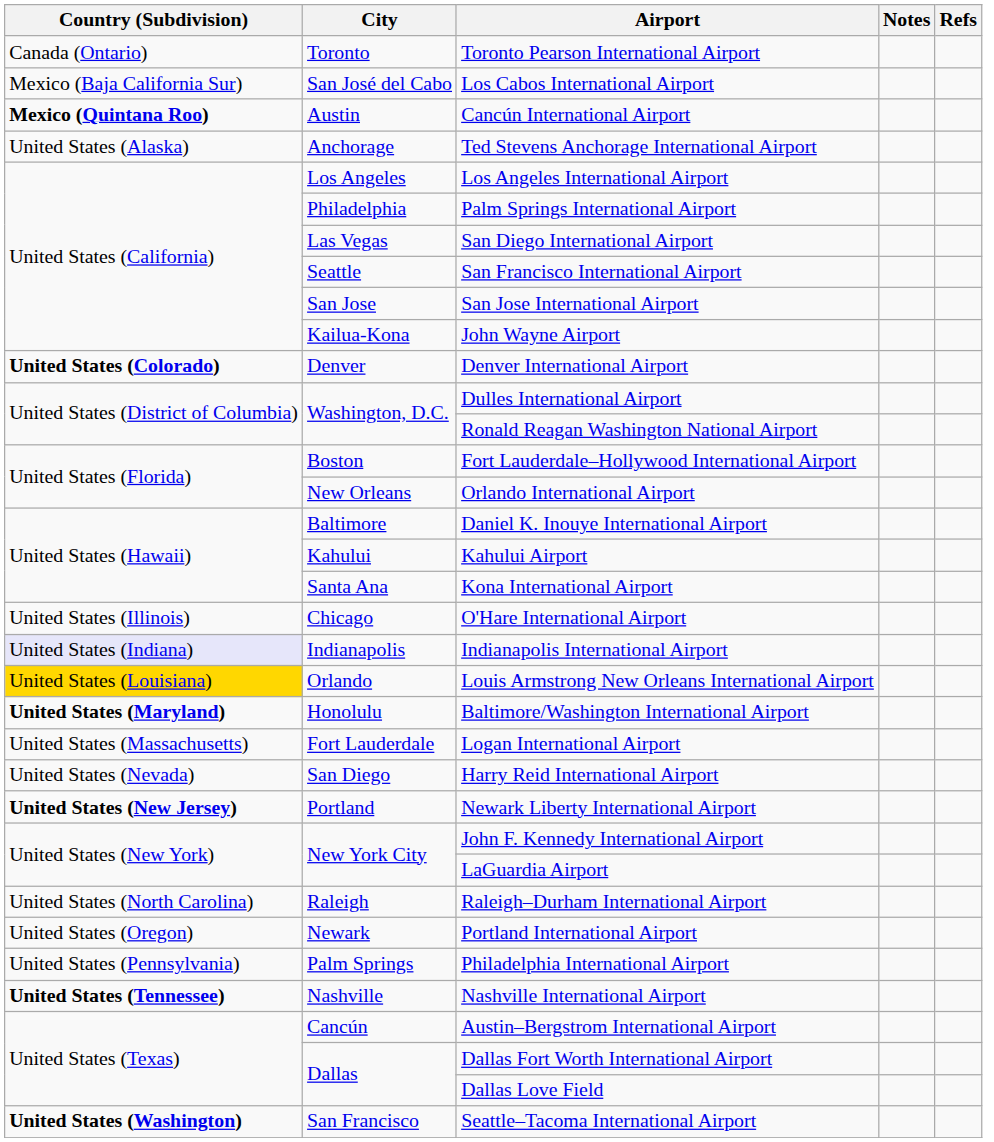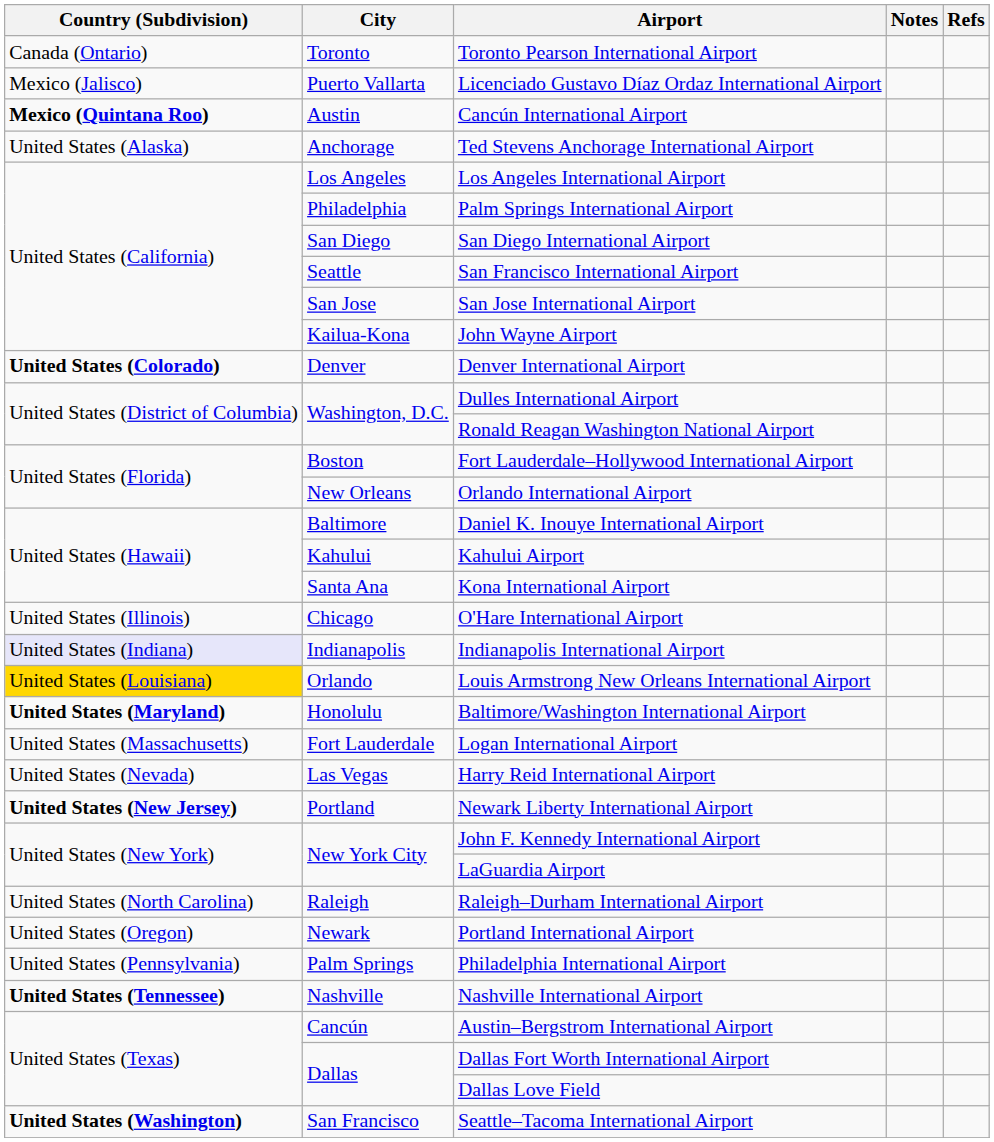 <table class="sortable wikitable">
 <tr>
 <th>Country (Subdivision)</th>
 <th>City</th>
 <th>Airport</th>
 <th class="sortable">Notes</th>
 <th class="unsortable">Refs</th>
 </tr>
 <tr>
 <td>Canada (<a href='#'>Ontario</a>)</td>
 <td><a href='#'>Toronto</a></td>
 <td><a href='#'>Toronto Pearson International Airport</a></td>
 <td></td>
 <td align=center></td>
 </tr>
 <tr>
-<td>Mexico (<a href='#'>Baja California Sur</a>)</td>
-<td><a href='#'>San José del Cabo</a></td>
-<td><a href='#'>Los Cabos International Airport</a></td>
+<td>Mexico (<a href='#'>Jalisco</a>)</td>
+<td><a href='#'>Puerto Vallarta</a></td>
+<td><a href='#'>Licenciado Gustavo Díaz Ordaz International Airport</a></td>
 <td align=center></td>
 <td align=center></td>
 </tr>
 <tr>
 <td><strong>Mexico (<a href='#'>Quintana Roo</a>)</strong></td>
 <td><a href='#'>Austin</a></td>
 <td><a href='#'>Cancún International Airport</a></td>
 <td align=center></td>
 <td align=center></td>
 </tr>
 <tr>
 <td>United States (<a href='#'>Alaska</a>)</td>
 <td><a href='#'>Anchorage</a></td>
 <td><a href='#'>Ted Stevens Anchorage International Airport</a></td>
 <td></td>
 <td align=center></td>
 </tr>
 <tr>
 <td rowspan="6">United States (<a href='#'>California</a>)</td>
 <td><a href='#'>Los Angeles</a></td>
 <td><a href='#'>Los Angeles International Airport</a></td>
 <td></td>
 <td align=center></td>
 </tr>
 <tr>
 <td><a href='#'>Philadelphia</a></td>
 <td><a href='#'>Palm Springs International Airport</a></td>
 <td align=center></td>
 <td align=center></td>
 </tr>
 <tr>
-<td><a href='#'>Las Vegas</a></td>
+<td><a href='#'>San Diego</a></td>
 <td><a href='#'>San Diego International Airport</a></td>
 <td align=center></td>
 <td align=center></td>
 </tr>
 <tr>
 <td><a href='#'>Seattle</a></td>
 <td><a href='#'>San Francisco International Airport</a></td>
 <td></td>
 <td align=center></td>
 </tr>
 <tr>
 <td><a href='#'>San Jose</a></td>
 <td><a href='#'>San Jose International Airport</a></td>
 <td></td>
 <td align=center></td>
 </tr>
 <tr>
 <td><a href='#'>Kailua-Kona</a></td>
 <td><a href='#'>John Wayne Airport</a></td>
 <td></td>
 <td align=center></td>
 </tr>
 <tr>
 <td><strong>United States (<a href='#'>Colorado</a>)</strong></td>
 <td><a href='#'>Denver</a></td>
 <td><a href='#'>Denver International Airport</a></td>
 <td align=center></td>
 <td align=center></td>
 </tr>
 <tr>
 <td rowspan=2>United States (<a href='#'>District of Columbia</a>)</td>
 <td rowspan=2><a href='#'>Washington, D.C.</a></td>
 <td><a href='#'>Dulles International Airport</a></td>
 <td align=center></td>
 <td align=center><br></td>
 </tr>
 <tr>
 <td><a href='#'>Ronald Reagan Washington National Airport</a></td>
 <td align=center></td>
 <td align=center></td>
 </tr>
 <tr>
 <td rowspan="2">United States (<a href='#'>Florida</a>)</td>
 <td><a href='#'>Boston</a></td>
 <td><a href='#'>Fort Lauderdale–Hollywood International Airport</a></td>
 <td align=center></td>
 <td align=center></td>
 </tr>
 <tr>
 <td><a href='#'>New Orleans</a></td>
 <td><a href='#'>Orlando International Airport</a></td>
 <td align=center></td>
 <td align=center></td>
 </tr>
 <tr>
 <td rowspan="3">United States (<a href='#'>Hawaii</a>)</td>
 <td><a href='#'>Baltimore</a></td>
 <td><a href='#'>Daniel K. Inouye International Airport</a></td>
 <td align=center></td>
 <td align=center></td>
 </tr>
 <tr>
 <td><a href='#'>Kahului</a></td>
 <td><a href='#'>Kahului Airport</a></td>
 <td align=center></td>
 <td align=center></td>
 </tr>
 <tr>
 <td><a href='#'>Santa Ana</a></td>
 <td><a href='#'>Kona International Airport</a></td>
 <td align=center></td>
 <td align=center></td>
 </tr>
 <tr>
 <td>United States (<a href='#'>Illinois</a>)</td>
 <td><a href='#'>Chicago</a></td>
 <td><a href='#'>O'Hare International Airport</a></td>
 <td align=center></td>
 <td align=center></td>
 </tr>
 <tr>
 <td style="background: lavender;">United States (<a href='#'>Indiana</a>)</td>
 <td><a href='#'>Indianapolis</a></td>
 <td><a href='#'>Indianapolis International Airport</a></td>
 <td align=center></td>
 <td align=center></td>
 </tr>
 <tr>
 <td style="background: gold;">United States (<a href='#'>Louisiana</a>)</td>
 <td><a href='#'>Orlando</a></td>
 <td><a href='#'>Louis Armstrong New Orleans International Airport</a></td>
 <td align=center></td>
 <td align=center></td>
 </tr>
 <tr>
 <td><strong>United States (<a href='#'>Maryland</a>)</strong></td>
 <td><a href='#'>Honolulu</a></td>
 <td><a href='#'>Baltimore/Washington International Airport</a></td>
 <td align=center></td>
 <td align=center></td>
 </tr>
 <tr>
 <td>United States (<a href='#'>Massachusetts</a>)</td>
 <td><a href='#'>Fort Lauderdale</a></td>
 <td><a href='#'>Logan International Airport</a></td>
 <td align=center></td>
 <td align=center></td>
 </tr>
 <tr>
 <td>United States (<a href='#'>Nevada</a>)</td>
-<td><a href='#'>San Diego</a></td>
+<td><a href='#'>Las Vegas</a></td>
 <td><a href='#'>Harry Reid International Airport</a></td>
 <td align=center></td>
 <td align=center></td>
 </tr>
 <tr>
 <td><strong>United States (<a href='#'>New Jersey</a>)</strong></td>
 <td><a href='#'>Portland</a></td>
 <td><a href='#'>Newark Liberty International Airport</a></td>
 <td align=center></td>
 <td align=center></td>
 </tr>
 <tr>
 <td rowspan="2">United States (<a href='#'>New York</a>)</td>
 <td rowspan="2"><a href='#'>New York City</a></td>
 <td><a href='#'>John F. Kennedy International Airport</a></td>
 <td align=center></td>
 <td align=center></td>
 </tr>
 <tr>
 <td><a href='#'>LaGuardia Airport</a></td>
 <td align="center"></td>
 <td align=center></td>
 </tr>
 <tr>
 <td>United States (<a href='#'>North Carolina</a>)</td>
 <td><a href='#'>Raleigh</a></td>
 <td><a href='#'>Raleigh–Durham International Airport</a></td>
 <td align=center></td>
 <td align=center></td>
 </tr>
 <tr>
 <td>United States (<a href='#'>Oregon</a>)</td>
 <td><a href='#'>Newark</a></td>
 <td><a href='#'>Portland International Airport</a></td>
 <td align=center></td>
 <td align=center></td>
 </tr>
 <tr>
 <td>United States (<a href='#'>Pennsylvania</a>)</td>
 <td><a href='#'>Palm Springs</a></td>
 <td><a href='#'>Philadelphia International Airport</a></td>
 <td></td>
 <td align=center></td>
 </tr>
 <tr>
 <td><strong>United States (<a href='#'>Tennessee</a>)</strong></td>
 <td><a href='#'>Nashville</a></td>
 <td><a href='#'>Nashville International Airport</a></td>
 <td align=center></td>
 <td align=center></td>
 </tr>
 <tr>
 <td rowspan="3">United States (<a href='#'>Texas</a>)</td>
 <td><a href='#'>Cancún</a></td>
 <td><a href='#'>Austin–Bergstrom International Airport</a></td>
 <td align=center></td>
 <td align=center></td>
 </tr>
 <tr>
 <td rowspan="2"><a href='#'>Dallas</a></td>
 <td><a href='#'>Dallas Fort Worth International Airport</a></td>
 <td></td>
 <td align=center></td>
 </tr>
 <tr>
 <td><a href='#'>Dallas Love Field</a></td>
 <td></td>
 <td align=center></td>
 </tr>
 <tr>
 <td><strong>United States (<a href='#'>Washington</a>)</strong></td>
 <td><a href='#'>San Francisco</a></td>
 <td><a href='#'>Seattle–Tacoma International Airport</a></td>
 <td align=center></td>
 <td align=center></td>
 </tr>
 <tr>
 </tr>
 </table>
